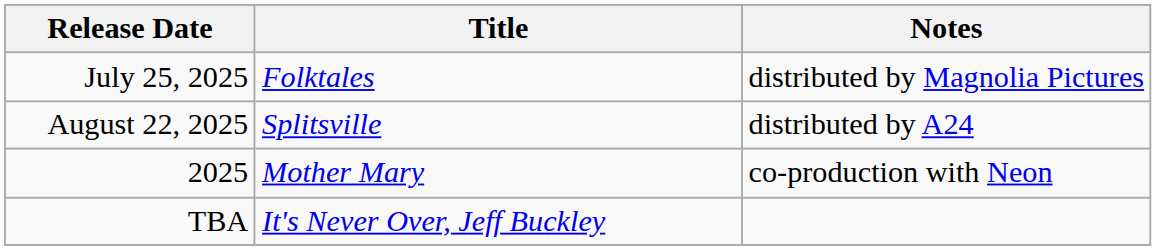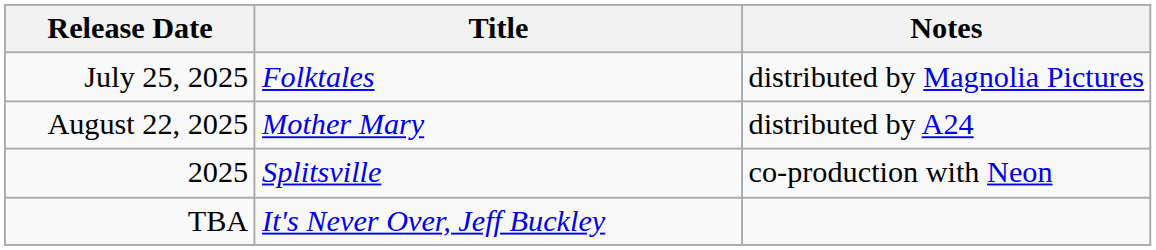 <table class="wikitable sortable">
 <tr>
 <th style="width:125px;">Release Date</th>
 <th style="width:250px;">Title</th>
 <th>Notes</th>
 </tr>
 <tr>
 <td style="text-align:right;">July 25, 2025</td>
 <td><em><a href='#'>Folktales</a></em></td>
 <td>distributed by <a href='#'>Magnolia Pictures</a></td>
 </tr>
 <tr>
 <td style="text-align:right;">August 22, 2025</td>
-<td><em><a href='#'>Splitsville</a></em></td>
+<td><em><a href='#'>Mother Mary</a></em></td>
 <td>distributed by <a href='#'>A24</a></td>
 </tr>
 <tr>
 <td style="text-align:right;">2025</td>
-<td><em><a href='#'>Mother Mary</a></em></td>
+<td><em><a href='#'>Splitsville</a></em></td>
 <td>co-production with <a href='#'>Neon</a></td>
 </tr>
 <tr>
 <td style="text-align:right;">TBA</td>
 <td><em><a href='#'>It's Never Over, Jeff Buckley</a></em></td>
 <td></td>
 </tr>
 </table>
